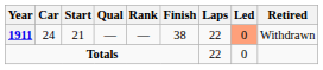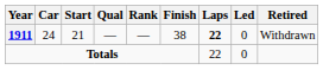 <table class="wikitable" style="text-align:center">
 <tr>
 <th>Year</th>
 <th>Car</th>
 <th>Start</th>
 <th>Qual</th>
 <th>Rank</th>
 <th>Finish</th>
 <th>Laps</th>
 <th>Led</th>
 <th>Retired</th>
 </tr>
 <tr>
 <th><a href='#'>1911</a></th>
 <td>24</td>
 <td>21</td>
 <td>—</td>
 <td>—</td>
 <td>38</td>
-<td>22</td>
-<td style="background: lightsalmon;">0</td>
+<td><strong>22</strong></td>
+<td>0</td>
 <td>Withdrawn</td>
 </tr>
 <tr>
 <td colspan=6><strong>Totals</strong></td>
 <td>22</td>
 <td>0</td>
 <td></td>
 </tr>
 </table>
